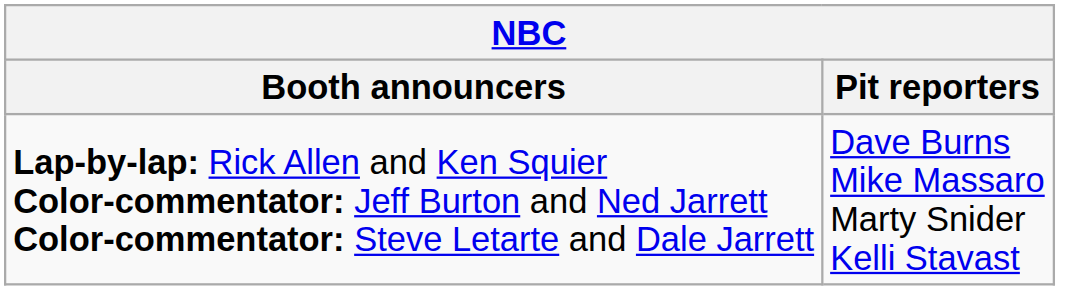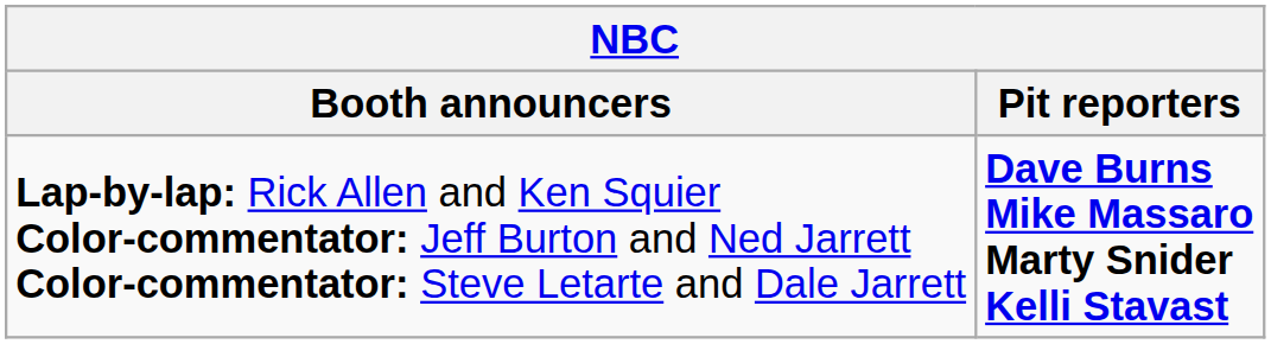 <table class="wikitable" style="font-size: 95%;">
 <tr>
 <th colspan="2"><a href='#'>NBC</a></th>
 </tr>
 <tr>
 <th>Booth announcers</th>
 <th>Pit reporters</th>
 </tr>
 <tr>
 <td><strong>Lap-by-lap:</strong> <a href='#'>Rick Allen</a> and <a href='#'>Ken Squier</a><br><strong>Color-commentator:</strong> <a href='#'>Jeff Burton</a> and <a href='#'>Ned Jarrett</a><br><strong>Color-commentator:</strong> <a href='#'>Steve Letarte</a> and <a href='#'>Dale Jarrett</a></td>
-<td><a href='#'>Dave Burns</a><br><a href='#'>Mike Massaro</a><br>Marty Snider<br><a href='#'>Kelli Stavast</a></td>
+<td><strong><a href='#'>Dave Burns</a><br><a href='#'>Mike Massaro</a><br>Marty Snider<br><a href='#'>Kelli Stavast</a></strong></td>
 </tr>
 </table>
